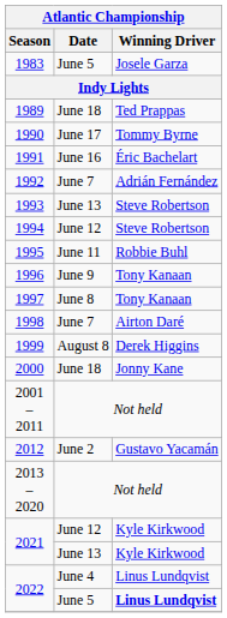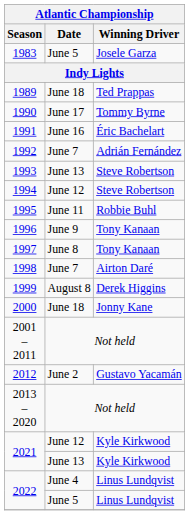 <table class="wikitable" style="font-size: 95%;">
 <tr>
 <th colspan=3><a href='#'>Atlantic Championship</a></th>
 </tr>
 <tr>
 <th>Season</th>
 <th>Date</th>
 <th>Winning Driver</th>
 </tr>
 <tr>
 <td align=center><a href='#'>1983</a></td>
 <td>June 5</td>
 <td> <a href='#'>Josele Garza</a></td>
 </tr>
 <tr>
 <th colspan=3><a href='#'>Indy Lights</a></th>
 </tr>
 <tr>
 <td align=center><a href='#'>1989</a></td>
 <td>June 18</td>
 <td> <a href='#'>Ted Prappas</a></td>
 </tr>
 <tr>
 <td align=center><a href='#'>1990</a></td>
 <td>June 17</td>
 <td> <a href='#'>Tommy Byrne</a></td>
 </tr>
 <tr>
 <td align=center><a href='#'>1991</a></td>
 <td>June 16</td>
 <td> <a href='#'>Éric Bachelart</a></td>
 </tr>
 <tr>
 <td align=center><a href='#'>1992</a></td>
 <td>June 7</td>
 <td> <a href='#'>Adrián Fernández</a></td>
 </tr>
 <tr>
 <td align=center><a href='#'>1993</a></td>
 <td>June 13</td>
 <td> <a href='#'>Steve Robertson</a></td>
 </tr>
 <tr>
 <td align=center><a href='#'>1994</a></td>
 <td>June 12</td>
 <td> <a href='#'>Steve Robertson</a></td>
 </tr>
 <tr>
 <td align=center><a href='#'>1995</a></td>
 <td>June 11</td>
 <td> <a href='#'>Robbie Buhl</a></td>
 </tr>
 <tr>
 <td align=center><a href='#'>1996</a></td>
 <td>June 9</td>
 <td> <a href='#'>Tony Kanaan</a></td>
 </tr>
 <tr>
 <td align=center><a href='#'>1997</a></td>
 <td>June 8</td>
 <td> <a href='#'>Tony Kanaan</a></td>
 </tr>
 <tr>
 <td align=center><a href='#'>1998</a></td>
 <td>June 7</td>
 <td> <a href='#'>Airton Daré</a></td>
 </tr>
 <tr>
 <td align=center><a href='#'>1999</a></td>
 <td>August 8</td>
 <td> <a href='#'>Derek Higgins</a></td>
 </tr>
 <tr>
 <td align=center><a href='#'>2000</a></td>
 <td>June 18</td>
 <td> <a href='#'>Jonny Kane</a></td>
 </tr>
 <tr>
 <td align=center>2001<br>–<br>2011</td>
 <td colspan=2 align=center><em>Not held</em></td>
 </tr>
 <tr>
 <td align=center><a href='#'>2012</a></td>
 <td>June 2</td>
 <td> <a href='#'>Gustavo Yacamán</a></td>
 </tr>
 <tr>
 <td align=center>2013<br>–<br>2020</td>
 <td colspan=2 align=center><em>Not held</em></td>
 </tr>
 <tr>
 <td rowspan=2 align=center><a href='#'>2021</a></td>
 <td>June 12</td>
 <td> <a href='#'>Kyle Kirkwood</a></td>
 </tr>
 <tr>
 <td>June 13</td>
 <td> <a href='#'>Kyle Kirkwood</a></td>
 </tr>
 <tr>
 <td rowspan=2 align=center><a href='#'>2022</a></td>
 <td>June 4</td>
 <td> <a href='#'>Linus Lundqvist</a></td>
 </tr>
 <tr>
 <td>June 5</td>
-<td><strong> <a href='#'>Linus Lundqvist</a></strong></td>
+<td> <a href='#'>Linus Lundqvist</a></td>
 </tr>
 <tr>
 </tr>
 </table>
